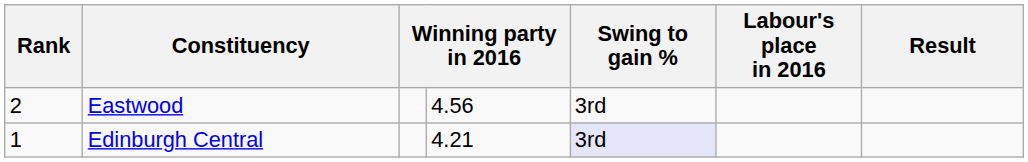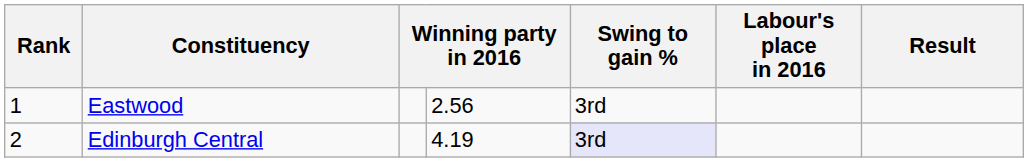 <table class="wikitable" style="width:750px">
 <tr>
 <th style="width:50px;">Rank</th>
 <th style="width:225px;">Constituency</th>
 <th colspan="2" style="width:175px;" class=nowrap>Winning party<br>in 2016</th>
 <th style="width:100px;">Swing to<br>gain %</th>
 <th style="width:100px;">Labour's place<br>in 2016</th>
 <th colspan="2" style="width:175px;">Result</th>
 </tr>
 <tr>
-<td>2</td>
+<td>1</td>
 <td><a href='#'>Eastwood</a></td>
 <td></td>
-<td>4.56</td>
+<td>2.56</td>
 <td>3rd</td>
 <td style="color:inherit;background-color: "></td>
 <td></td>
 </tr>
 <tr>
-<td>1</td>
+<td>2</td>
 <td><a href='#'>Edinburgh Central</a></td>
 <td></td>
-<td>4.21</td>
+<td>4.19</td>
 <td style="background: lavender;">3rd</td>
 <td style="color:inherit;background-color: "></td>
 <td><strong></strong></td>
 </tr>
 </table>
